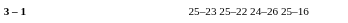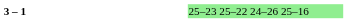 <table>
 <tr>
 <th width=200></th>
 <th width=80></th>
 <th width=200></th>
 <th width=220></th>
 </tr>
 <tr>
 <td align=right><strong></strong></td>
 <td align=center><strong>3 – 1</strong></td>
 <td></td>
-<td>25–23 25–22 24–26 25–16</td>
+<td style="background: lightgreen;">25–23 25–22 24–26 25–16</td>
 </tr>
 </table>
